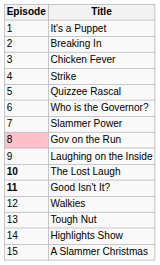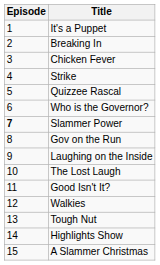 <table class="wikitable">
 <tr>
 <th>Episode</th>
 <th>Title</th>
 </tr>
 <tr>
 <td>1</td>
 <td>It's a Puppet</td>
 </tr>
 <tr>
 <td>2</td>
 <td>Breaking In</td>
 </tr>
 <tr>
 <td>3</td>
 <td>Chicken Fever</td>
 </tr>
 <tr>
 <td>4</td>
 <td>Strike</td>
 </tr>
 <tr>
 <td>5</td>
 <td>Quizzee Rascal</td>
 </tr>
 <tr>
 <td>6</td>
 <td>Who is the Governor?</td>
 </tr>
 <tr>
-<td>7</td>
+<td><strong>7</strong></td>
 <td>Slammer Power</td>
 </tr>
 <tr>
-<td style="background: pink;">8</td>
+<td>8</td>
 <td>Gov on the Run</td>
 </tr>
 <tr>
 <td>9</td>
 <td>Laughing on the Inside</td>
 </tr>
 <tr>
-<td><strong>10</strong></td>
+<td>10</td>
 <td>The Lost Laugh</td>
 </tr>
 <tr>
-<td><strong>11</strong></td>
+<td>11</td>
 <td>Good Isn't It?</td>
 </tr>
 <tr>
 <td>12</td>
 <td>Walkies</td>
 </tr>
 <tr>
 <td>13</td>
 <td>Tough Nut</td>
 </tr>
 <tr>
 <td>14</td>
 <td>Highlights Show</td>
 </tr>
 <tr>
 <td>15</td>
 <td>A Slammer Christmas</td>
 </tr>
 </table>
